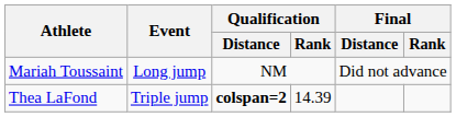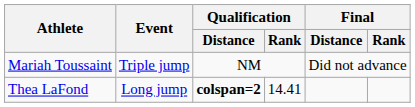 <table class="wikitable" style="font-size:90%; text-align:center">
 <tr>
 <th rowspan=2>Athlete</th>
 <th rowspan=2>Event</th>
 <th colspan=2>Qualification</th>
 <th colspan=2>Final</th>
 </tr>
 <tr style="font-size:95%">
 <th>Distance</th>
 <th>Rank</th>
 <th>Distance</th>
 <th>Rank</th>
 </tr>
 <tr>
 <td align="left"><a href='#'>Mariah Toussaint</a></td>
-<td><a href='#'>Long jump</a></td>
+<td align=left rowspan=1><a href='#'>Triple jump</a></td>
 <td colspan="2">NM</td>
 <td colspan="2">Did not advance</td>
 </tr>
 <tr>
 <td align=left><a href='#'>Thea LaFond</a></td>
-<td align=left rowspan=1><a href='#'>Triple jump</a></td>
+<td><a href='#'>Long jump</a></td>
 <td><strong>colspan=2 </strong></td>
-<td>14.39</td>
+<td>14.41</td>
 <td></td>
 </tr>
 </table>
